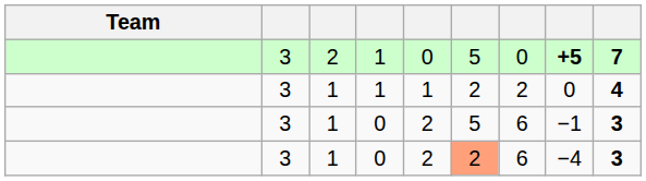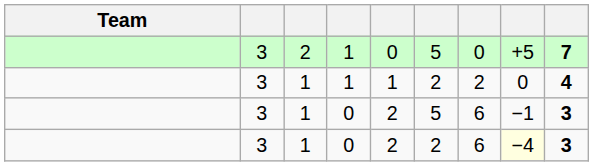 <table class="wikitable" style="text-align: center; font-size: 90%;">
 <tr>
 <th width=165>Team</th>
 <th width=25></th>
 <th width=25></th>
 <th width=25></th>
 <th width=25></th>
 <th width=25></th>
 <th width=25></th>
 <th width=25></th>
 <th width=25></th>
 </tr>
 <tr bgcolor="ccffcc">
 <td align="left"><em></em></td>
 <td>3</td>
 <td>2</td>
 <td>1</td>
 <td>0</td>
 <td>5</td>
 <td>0</td>
-<td><strong>+5</strong></td>
+<td>+5</td>
 <td><strong>7</strong></td>
 </tr>
 <tr>
 <td align="left"></td>
 <td>3</td>
 <td>1</td>
 <td>1</td>
 <td>1</td>
 <td>2</td>
 <td>2</td>
 <td>0</td>
 <td><strong>4</strong></td>
 </tr>
 <tr>
 <td align="left"></td>
 <td>3</td>
 <td>1</td>
 <td>0</td>
 <td>2</td>
 <td>5</td>
 <td>6</td>
 <td>−1</td>
 <td><strong>3</strong></td>
 </tr>
 <tr>
 <td align="left"></td>
 <td>3</td>
 <td>1</td>
 <td>0</td>
 <td>2</td>
-<td style="background: lightsalmon;">2</td>
+<td>2</td>
 <td>6</td>
-<td>−4</td>
+<td style="background: lightyellow;">−4</td>
 <td><strong>3</strong></td>
 </tr>
 </table>
